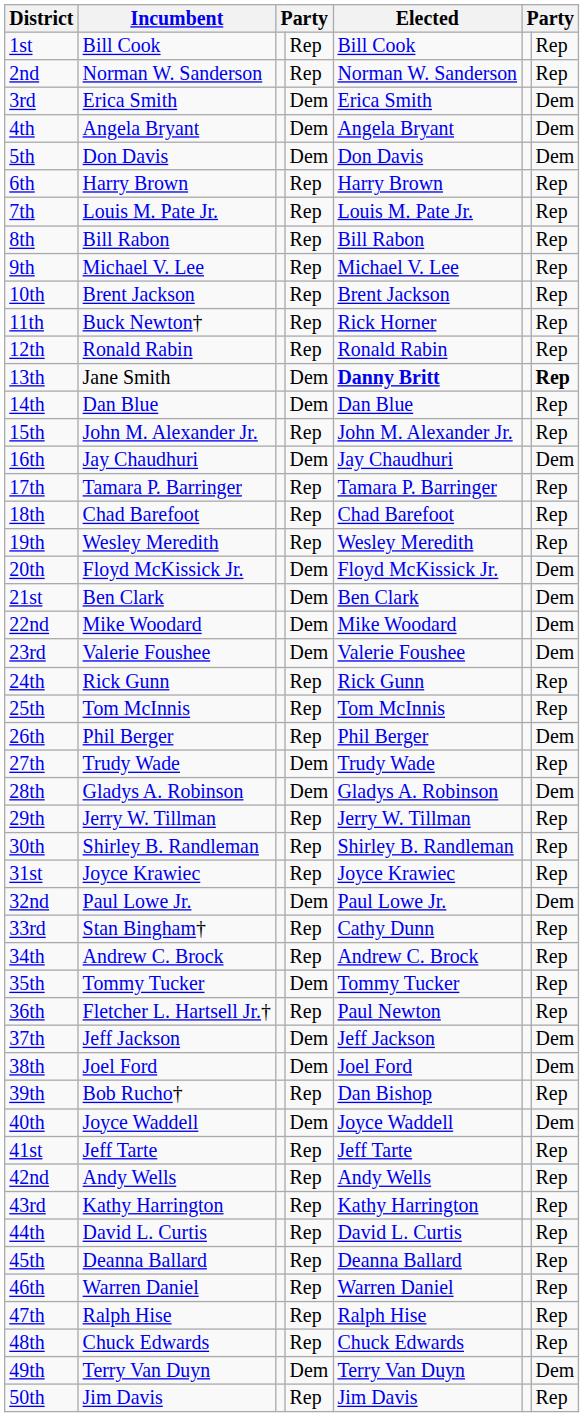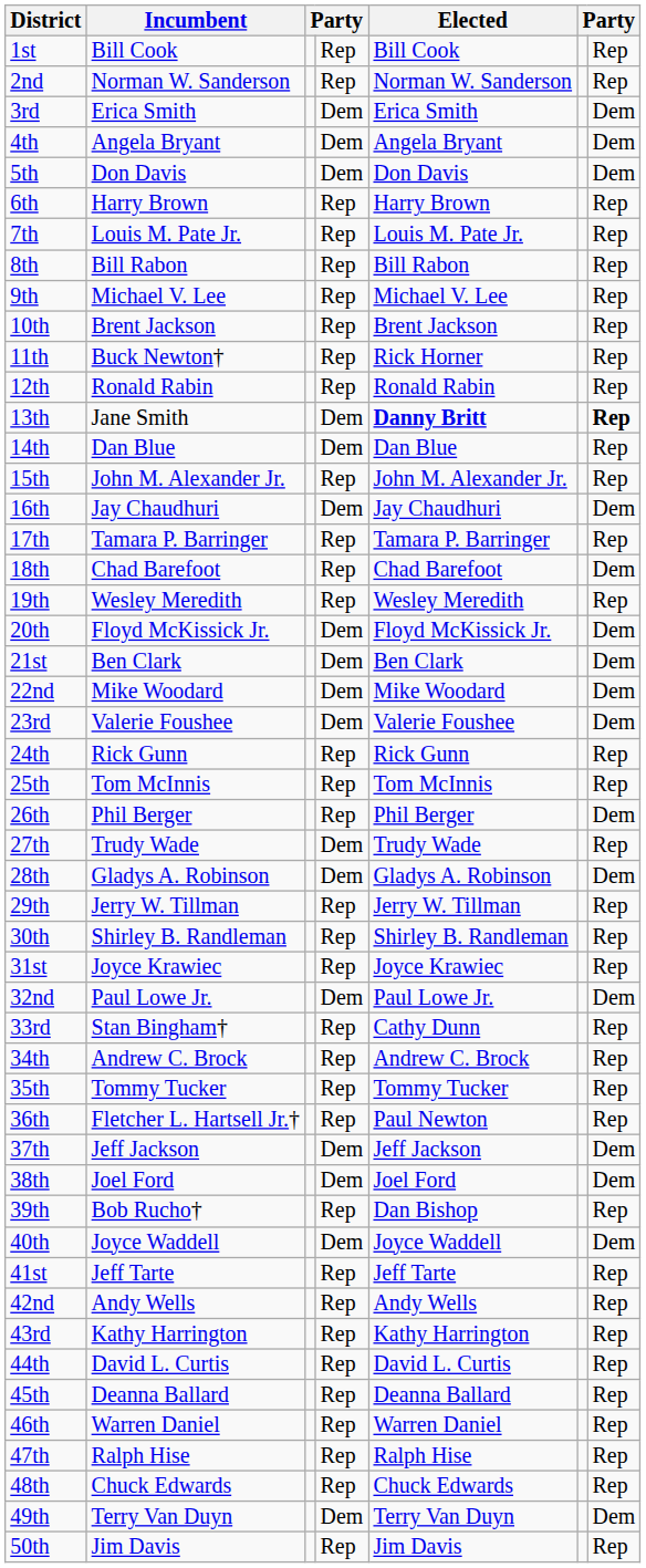 <table class="sortable wikitable" style="font-size:95%;line-height:14px;">
 <tr>
 <th class="unsortable">District</th>
 <th class="unsortable"><a href='#'>Incumbent</a></th>
 <th colspan="2">Party</th>
 <th class="unsortable">Elected</th>
 <th colspan="2">Party</th>
 </tr>
 <tr>
 <td><a href='#'>1st</a></td>
 <td><a href='#'>Bill Cook</a></td>
 <td style="background:"></td>
 <td>Rep</td>
 <td><a href='#'>Bill Cook</a></td>
 <td style="background:"></td>
 <td>Rep</td>
 </tr>
 <tr>
 <td><a href='#'>2nd</a></td>
 <td><a href='#'>Norman W. Sanderson</a></td>
 <td style="background:"></td>
 <td>Rep</td>
 <td><a href='#'>Norman W. Sanderson</a></td>
 <td style="background:"></td>
 <td>Rep</td>
 </tr>
 <tr>
 <td><a href='#'>3rd</a></td>
 <td><a href='#'>Erica Smith</a></td>
 <td style="background:"></td>
 <td>Dem</td>
 <td><a href='#'>Erica Smith</a></td>
 <td style="background:"></td>
 <td>Dem</td>
 </tr>
 <tr>
 <td><a href='#'>4th</a></td>
 <td><a href='#'>Angela Bryant</a></td>
 <td style="background:"></td>
 <td>Dem</td>
 <td><a href='#'>Angela Bryant</a></td>
 <td style="background:"></td>
 <td>Dem</td>
 </tr>
 <tr>
 <td><a href='#'>5th</a></td>
 <td><a href='#'>Don Davis</a></td>
 <td style="background:"></td>
 <td>Dem</td>
 <td><a href='#'>Don Davis</a></td>
 <td style="background:"></td>
 <td>Dem</td>
 </tr>
 <tr>
 <td><a href='#'>6th</a></td>
 <td><a href='#'>Harry Brown</a></td>
 <td style="background:"></td>
 <td>Rep</td>
 <td><a href='#'>Harry Brown</a></td>
 <td style="background:"></td>
 <td>Rep</td>
 </tr>
 <tr>
 <td><a href='#'>7th</a></td>
 <td><a href='#'>Louis M. Pate Jr.</a></td>
 <td style="background:"></td>
 <td>Rep</td>
 <td><a href='#'>Louis M. Pate Jr.</a></td>
 <td style="background:"></td>
 <td>Rep</td>
 </tr>
 <tr>
 <td><a href='#'>8th</a></td>
 <td><a href='#'>Bill Rabon</a></td>
 <td style="background:"></td>
 <td>Rep</td>
 <td><a href='#'>Bill Rabon</a></td>
 <td style="background:"></td>
 <td>Rep</td>
 </tr>
 <tr>
 <td><a href='#'>9th</a></td>
 <td><a href='#'>Michael V. Lee</a></td>
 <td style="background:"></td>
 <td>Rep</td>
 <td><a href='#'>Michael V. Lee</a></td>
 <td style="background:"></td>
 <td>Rep</td>
 </tr>
 <tr>
 <td><a href='#'>10th</a></td>
 <td><a href='#'>Brent Jackson</a></td>
 <td style="background:"></td>
 <td>Rep</td>
 <td><a href='#'>Brent Jackson</a></td>
 <td style="background:"></td>
 <td>Rep</td>
 </tr>
 <tr>
 <td><a href='#'>11th</a></td>
 <td><a href='#'>Buck Newton</a>†</td>
 <td style="background:"></td>
 <td>Rep</td>
 <td><a href='#'>Rick Horner</a></td>
 <td style="background:"></td>
 <td>Rep</td>
 </tr>
 <tr>
 <td><a href='#'>12th</a></td>
 <td><a href='#'>Ronald Rabin</a></td>
 <td style="background:"></td>
 <td>Rep</td>
 <td><a href='#'>Ronald Rabin</a></td>
 <td style="background:"></td>
 <td>Rep</td>
 </tr>
 <tr>
 <td><a href='#'>13th</a></td>
 <td>Jane Smith</td>
 <td style="background:"></td>
 <td>Dem</td>
 <td><strong><a href='#'>Danny Britt</a></strong></td>
 <td style="background:"></td>
 <td><strong>Rep</strong></td>
 </tr>
 <tr>
 <td><a href='#'>14th</a></td>
 <td><a href='#'>Dan Blue</a></td>
 <td style="background:"></td>
 <td>Dem</td>
 <td><a href='#'>Dan Blue</a></td>
 <td style="background:"></td>
 <td>Rep</td>
 </tr>
 <tr>
 <td><a href='#'>15th</a></td>
 <td><a href='#'>John M. Alexander Jr.</a></td>
 <td style="background:"></td>
 <td>Rep</td>
 <td><a href='#'>John M. Alexander Jr.</a></td>
 <td style="background:"></td>
 <td>Rep</td>
 </tr>
 <tr>
 <td><a href='#'>16th</a></td>
 <td><a href='#'>Jay Chaudhuri</a></td>
 <td style="background:"></td>
 <td>Dem</td>
 <td><a href='#'>Jay Chaudhuri</a></td>
 <td style="background:"></td>
 <td>Dem</td>
 </tr>
 <tr>
 <td><a href='#'>17th</a></td>
 <td><a href='#'>Tamara P. Barringer</a></td>
 <td style="background:"></td>
 <td>Rep</td>
 <td><a href='#'>Tamara P. Barringer</a></td>
 <td style="background:"></td>
 <td>Rep</td>
 </tr>
 <tr>
 <td><a href='#'>18th</a></td>
 <td><a href='#'>Chad Barefoot</a></td>
 <td style="background:"></td>
 <td>Rep</td>
 <td><a href='#'>Chad Barefoot</a></td>
 <td style="background:"></td>
-<td>Rep</td>
+<td>Dem</td>
 </tr>
 <tr>
 <td><a href='#'>19th</a></td>
 <td><a href='#'>Wesley Meredith</a></td>
 <td style="background:"></td>
 <td>Rep</td>
 <td><a href='#'>Wesley Meredith</a></td>
 <td style="background:"></td>
 <td>Rep</td>
 </tr>
 <tr>
 <td><a href='#'>20th</a></td>
 <td><a href='#'>Floyd McKissick Jr.</a></td>
 <td style="background:"></td>
 <td>Dem</td>
 <td><a href='#'>Floyd McKissick Jr.</a></td>
 <td style="background:"></td>
 <td>Dem</td>
 </tr>
 <tr>
 <td><a href='#'>21st</a></td>
 <td><a href='#'>Ben Clark</a></td>
 <td style="background:"></td>
 <td>Dem</td>
 <td><a href='#'>Ben Clark</a></td>
 <td style="background:"></td>
 <td>Dem</td>
 </tr>
 <tr>
 <td><a href='#'>22nd</a></td>
 <td><a href='#'>Mike Woodard</a></td>
 <td style="background:"></td>
 <td>Dem</td>
 <td><a href='#'>Mike Woodard</a></td>
 <td style="background:"></td>
 <td>Dem</td>
 </tr>
 <tr>
 <td><a href='#'>23rd</a></td>
 <td><a href='#'>Valerie Foushee</a></td>
 <td style="background:"></td>
 <td>Dem</td>
 <td><a href='#'>Valerie Foushee</a></td>
 <td style="background:"></td>
 <td>Dem</td>
 </tr>
 <tr>
 <td><a href='#'>24th</a></td>
 <td><a href='#'>Rick Gunn</a></td>
 <td style="background:"></td>
 <td>Rep</td>
 <td><a href='#'>Rick Gunn</a></td>
 <td style="background:"></td>
 <td>Rep</td>
 </tr>
 <tr>
 <td><a href='#'>25th</a></td>
 <td><a href='#'>Tom McInnis</a></td>
 <td style="background:"></td>
 <td>Rep</td>
 <td><a href='#'>Tom McInnis</a></td>
 <td style="background:"></td>
 <td>Rep</td>
 </tr>
 <tr>
 <td><a href='#'>26th</a></td>
 <td><a href='#'>Phil Berger</a></td>
 <td style="background:"></td>
 <td>Rep</td>
 <td><a href='#'>Phil Berger</a></td>
 <td style="background:"></td>
 <td>Dem</td>
 </tr>
 <tr>
 <td><a href='#'>27th</a></td>
 <td><a href='#'>Trudy Wade</a></td>
 <td style="background:"></td>
 <td>Dem</td>
 <td><a href='#'>Trudy Wade</a></td>
 <td style="background:"></td>
 <td>Rep</td>
 </tr>
 <tr>
 <td><a href='#'>28th</a></td>
 <td><a href='#'>Gladys A. Robinson</a></td>
 <td style="background:"></td>
 <td>Dem</td>
 <td><a href='#'>Gladys A. Robinson</a></td>
 <td style="background:"></td>
 <td>Dem</td>
 </tr>
 <tr>
 <td><a href='#'>29th</a></td>
 <td><a href='#'>Jerry W. Tillman</a></td>
 <td style="background:"></td>
 <td>Rep</td>
 <td><a href='#'>Jerry W. Tillman</a></td>
 <td style="background:"></td>
 <td>Rep</td>
 </tr>
 <tr>
 <td><a href='#'>30th</a></td>
 <td><a href='#'>Shirley B. Randleman</a></td>
 <td style="background:"></td>
 <td>Rep</td>
 <td><a href='#'>Shirley B. Randleman</a></td>
 <td style="background:"></td>
 <td>Rep</td>
 </tr>
 <tr>
 <td><a href='#'>31st</a></td>
 <td><a href='#'>Joyce Krawiec</a></td>
 <td style="background:"></td>
 <td>Rep</td>
 <td><a href='#'>Joyce Krawiec</a></td>
 <td style="background:"></td>
 <td>Rep</td>
 </tr>
 <tr>
 <td><a href='#'>32nd</a></td>
 <td><a href='#'>Paul Lowe Jr.</a></td>
 <td style="background:"></td>
 <td>Dem</td>
 <td><a href='#'>Paul Lowe Jr.</a></td>
 <td style="background:"></td>
 <td>Dem</td>
 </tr>
 <tr>
 <td><a href='#'>33rd</a></td>
 <td><a href='#'>Stan Bingham</a>†</td>
 <td style="background:"></td>
 <td>Rep</td>
 <td><a href='#'>Cathy Dunn</a></td>
 <td style="background:"></td>
 <td>Rep</td>
 </tr>
 <tr>
 <td><a href='#'>34th</a></td>
 <td><a href='#'>Andrew C. Brock</a></td>
 <td style="background:"></td>
 <td>Rep</td>
 <td><a href='#'>Andrew C. Brock</a></td>
 <td style="background:"></td>
 <td>Rep</td>
 </tr>
 <tr>
 <td><a href='#'>35th</a></td>
 <td><a href='#'>Tommy Tucker</a></td>
 <td style="background:"></td>
-<td>Dem</td>
+<td>Rep</td>
 <td><a href='#'>Tommy Tucker</a></td>
 <td style="background:"></td>
 <td>Rep</td>
 </tr>
 <tr>
 <td><a href='#'>36th</a></td>
 <td><a href='#'>Fletcher L. Hartsell Jr.</a>†</td>
 <td style="background:"></td>
 <td>Rep</td>
 <td><a href='#'>Paul Newton</a></td>
 <td style="background:"></td>
 <td>Rep</td>
 </tr>
 <tr>
 <td><a href='#'>37th</a></td>
 <td><a href='#'>Jeff Jackson</a></td>
 <td style="background:"></td>
 <td>Dem</td>
 <td><a href='#'>Jeff Jackson</a></td>
 <td style="background:"></td>
 <td>Dem</td>
 </tr>
 <tr>
 <td><a href='#'>38th</a></td>
 <td><a href='#'>Joel Ford</a></td>
 <td style="background:"></td>
 <td>Dem</td>
 <td><a href='#'>Joel Ford</a></td>
 <td style="background:"></td>
 <td>Dem</td>
 </tr>
 <tr>
 <td><a href='#'>39th</a></td>
 <td><a href='#'>Bob Rucho</a>†</td>
 <td style="background:"></td>
 <td>Rep</td>
 <td><a href='#'>Dan Bishop</a></td>
 <td style="background:"></td>
 <td>Rep</td>
 </tr>
 <tr>
 <td><a href='#'>40th</a></td>
 <td><a href='#'>Joyce Waddell</a></td>
 <td style="background:"></td>
 <td>Dem</td>
 <td><a href='#'>Joyce Waddell</a></td>
 <td style="background:"></td>
 <td>Dem</td>
 </tr>
 <tr>
 <td><a href='#'>41st</a></td>
 <td><a href='#'>Jeff Tarte</a></td>
 <td style="background:"></td>
 <td>Rep</td>
 <td><a href='#'>Jeff Tarte</a></td>
 <td style="background:"></td>
 <td>Rep</td>
 </tr>
 <tr>
 <td><a href='#'>42nd</a></td>
 <td><a href='#'>Andy Wells</a></td>
 <td style="background:"></td>
 <td>Rep</td>
 <td><a href='#'>Andy Wells</a></td>
 <td style="background:"></td>
 <td>Rep</td>
 </tr>
 <tr>
 <td><a href='#'>43rd</a></td>
 <td><a href='#'>Kathy Harrington</a></td>
 <td style="background:"></td>
 <td>Rep</td>
 <td><a href='#'>Kathy Harrington</a></td>
 <td style="background:"></td>
 <td>Rep</td>
 </tr>
 <tr>
 <td><a href='#'>44th</a></td>
 <td><a href='#'>David L. Curtis</a></td>
 <td style="background:"></td>
 <td>Rep</td>
 <td><a href='#'>David L. Curtis</a></td>
 <td style="background:"></td>
 <td>Rep</td>
 </tr>
 <tr>
 <td><a href='#'>45th</a></td>
 <td><a href='#'>Deanna Ballard</a></td>
 <td style="background:"></td>
 <td>Rep</td>
 <td><a href='#'>Deanna Ballard</a></td>
 <td style="background:"></td>
 <td>Rep</td>
 </tr>
 <tr>
 <td><a href='#'>46th</a></td>
 <td><a href='#'>Warren Daniel</a></td>
 <td style="background:"></td>
 <td>Rep</td>
 <td><a href='#'>Warren Daniel</a></td>
 <td style="background:"></td>
 <td>Rep</td>
 </tr>
 <tr>
 <td><a href='#'>47th</a></td>
 <td><a href='#'>Ralph Hise</a></td>
 <td style="background:"></td>
 <td>Rep</td>
 <td><a href='#'>Ralph Hise</a></td>
 <td style="background:"></td>
 <td>Rep</td>
 </tr>
 <tr>
 <td><a href='#'>48th</a></td>
 <td><a href='#'>Chuck Edwards</a></td>
 <td style="background:"></td>
 <td>Rep</td>
 <td><a href='#'>Chuck Edwards</a></td>
 <td style="background:"></td>
 <td>Rep</td>
 </tr>
 <tr>
 <td><a href='#'>49th</a></td>
 <td><a href='#'>Terry Van Duyn</a></td>
 <td style="background:"></td>
 <td>Dem</td>
 <td><a href='#'>Terry Van Duyn</a></td>
 <td style="background:"></td>
 <td>Dem</td>
 </tr>
 <tr>
 <td><a href='#'>50th</a></td>
 <td><a href='#'>Jim Davis</a></td>
 <td style="background:"></td>
 <td>Rep</td>
 <td><a href='#'>Jim Davis</a></td>
 <td style="background:"></td>
 <td>Rep</td>
 </tr>
 </table>
